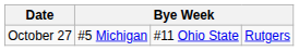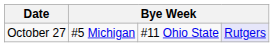 <table class="wikitable" style="font-size:95%;">
 <tr>
 <th>Date</th>
 <th colspan="3">Bye Week</th>
 </tr>
 <tr>
 <td>October 27</td>
 <td>#5 <a href='#'>Michigan</a></td>
 <td>#11 <a href='#'>Ohio State</a></td>
-<td><a href='#'>Rutgers</a></td>
+<td style="background: lavender;"><a href='#'>Rutgers</a></td>
 </tr>
 </table>
